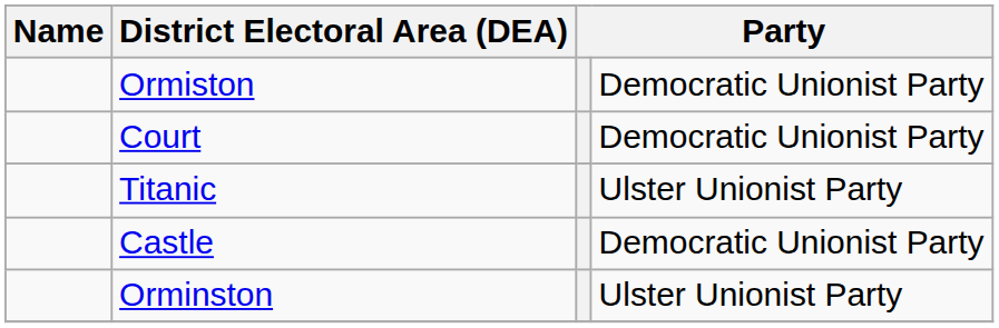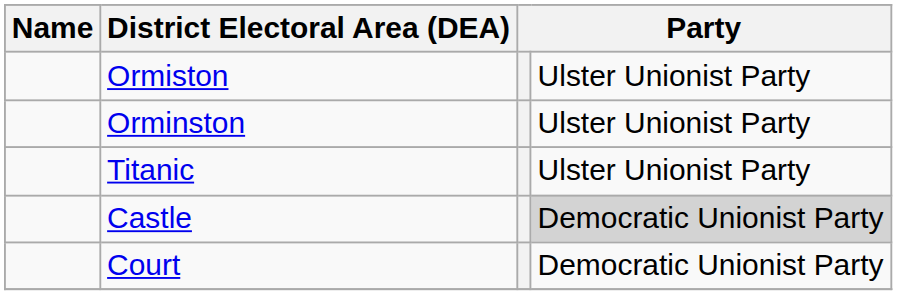 <table class="wikitable sortable">
 <tr>
 <th>Name</th>
 <th>District Electoral Area (DEA)</th>
 <th Colspan="2">Party</th>
 </tr>
 <tr>
 <td></td>
 <td><a href='#'>Ormiston</a></td>
 <th style="background-color: "></th>
-<td>Democratic Unionist Party</td>
+<td>Ulster Unionist Party</td>
 </tr>
 <tr>
 <td></td>
-<td><a href='#'>Court</a></td>
+<td><a href='#'>Orminston</a></td>
 <th style="background-color: "></th>
-<td>Democratic Unionist Party</td>
+<td>Ulster Unionist Party</td>
 </tr>
 <tr>
 <td></td>
 <td><a href='#'>Titanic</a></td>
 <th style="background-color: "></th>
 <td>Ulster Unionist Party</td>
 </tr>
 <tr>
 <td></td>
 <td><a href='#'>Castle</a></td>
 <th style="background-color: "></th>
-<td>Democratic Unionist Party</td>
+<td style="background: lightgrey;">Democratic Unionist Party</td>
 </tr>
 <tr>
 <td></td>
-<td><a href='#'>Orminston</a></td>
+<td><a href='#'>Court</a></td>
 <th style="background-color: "></th>
-<td>Ulster Unionist Party</td>
+<td>Democratic Unionist Party</td>
 </tr>
 <tr>
 </tr>
 </table>
